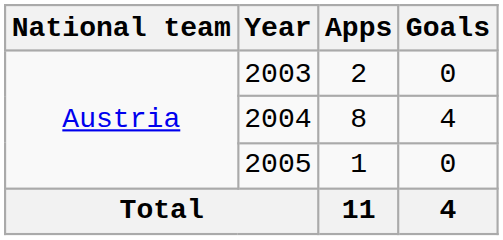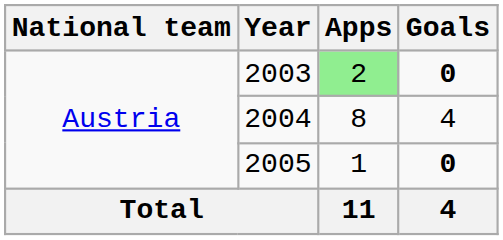 <table class="wikitable" style="text-align:center">
 <tr>
 <th>National team</th>
 <th>Year</th>
 <th>Apps</th>
 <th>Goals</th>
 </tr>
 <tr>
 <td rowspan="3"><a href='#'>Austria</a></td>
 <td>2003</td>
-<td>2</td>
-<td>0</td>
+<td style="background: lightgreen;">2</td>
+<td><strong>0</strong></td>
 </tr>
 <tr>
 <td>2004</td>
 <td>8</td>
 <td>4</td>
 </tr>
 <tr>
 <td>2005</td>
 <td>1</td>
-<td>0</td>
+<td><strong>0</strong></td>
 </tr>
 <tr>
 <th colspan="2">Total</th>
 <th>11</th>
 <th>4</th>
 </tr>
 </table>
